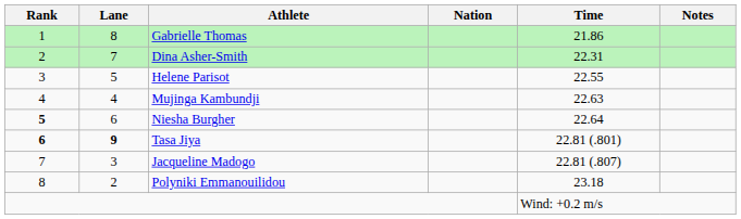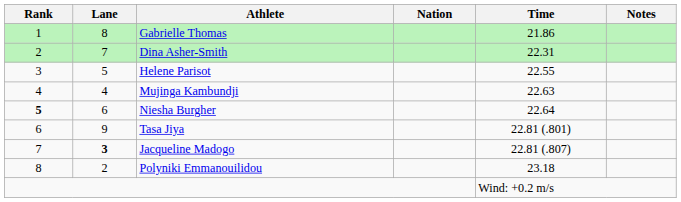 <table class="wikitable sortable" style="text-align:center;width: 70%;">
 <tr>
 <th>Rank</th>
 <th>Lane</th>
 <th>Athlete</th>
 <th>Nation</th>
 <th>Time</th>
 <th>Notes</th>
 </tr>
 <tr bgcolor=bbf3bb>
 <td>1</td>
 <td>8</td>
 <td align=left><a href='#'>Gabrielle Thomas</a></td>
 <td align=left></td>
 <td>21.86</td>
 <td></td>
 </tr>
 <tr bgcolor=bbf3bb>
 <td>2</td>
 <td>7</td>
 <td align=left><a href='#'>Dina Asher-Smith</a></td>
 <td align=left></td>
 <td>22.31</td>
 <td></td>
 </tr>
 <tr>
 <td>3</td>
 <td>5</td>
 <td align=left><a href='#'>Helene Parisot</a></td>
 <td align=left></td>
 <td>22.55</td>
 <td></td>
 </tr>
 <tr>
 <td>4</td>
 <td>4</td>
 <td align=left><a href='#'>Mujinga Kambundji</a></td>
 <td align=left></td>
 <td>22.63</td>
 <td></td>
 </tr>
 <tr>
 <td><strong>5</strong></td>
 <td>6</td>
 <td align=left><a href='#'>Niesha Burgher</a></td>
 <td align=left></td>
 <td>22.64</td>
 <td></td>
 </tr>
 <tr>
-<td><strong>6</strong></td>
-<td><strong>9</strong></td>
+<td>6</td>
+<td>9</td>
 <td align=left><a href='#'>Tasa Jiya</a></td>
 <td align=left></td>
 <td>22.81 (.801)</td>
 <td></td>
 </tr>
 <tr>
 <td>7</td>
-<td>3</td>
+<td><strong>3</strong></td>
 <td align=left><a href='#'>Jacqueline Madogo</a></td>
 <td align=left></td>
 <td>22.81 (.807)</td>
 <td></td>
 </tr>
 <tr>
 <td>8</td>
 <td>2</td>
 <td align=left><a href='#'>Polyniki Emmanouilidou</a></td>
 <td align=left></td>
 <td>23.18</td>
 <td></td>
 </tr>
 <tr class="sortbottom">
 <td colspan="4"></td>
 <td colspan="2" style="text-align:left;">Wind: +0.2 m/s</td>
 </tr>
 </table>
